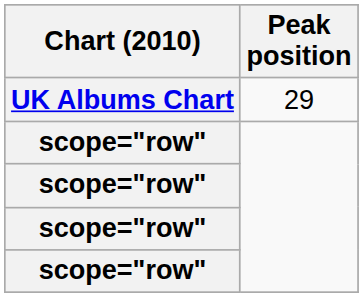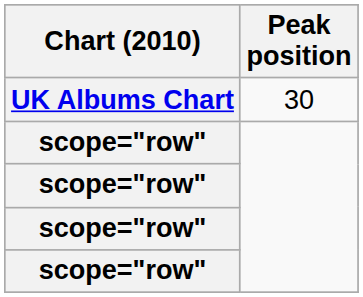 <table class="wikitable sortable plainrowheaders">
 <tr>
 <th scope="col">Chart (2010)</th>
 <th scope="col">Peak<br>position</th>
 </tr>
 <tr>
 <th scope="row"><a href='#'>UK Albums Chart</a></th>
-<td style="text-align:center;">29</td>
+<td style="text-align:center;">30</td>
 </tr>
 <tr>
 <th>scope="row" </th>
 </tr>
 <tr>
 <th>scope="row" </th>
 </tr>
 <tr>
 <th>scope="row" </th>
 </tr>
 <tr>
 <th>scope="row" </th>
 </tr>
 </table>
